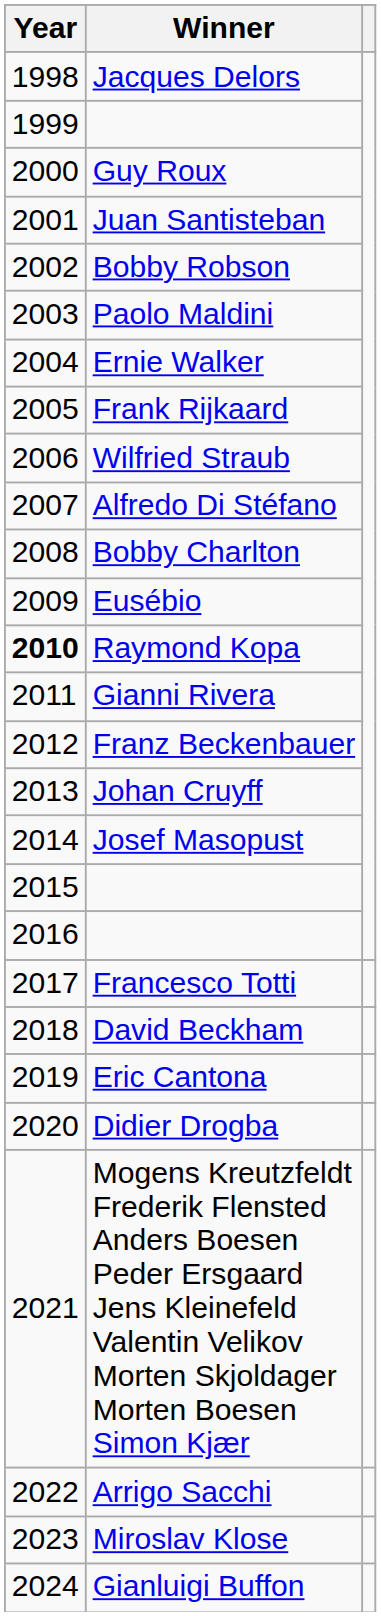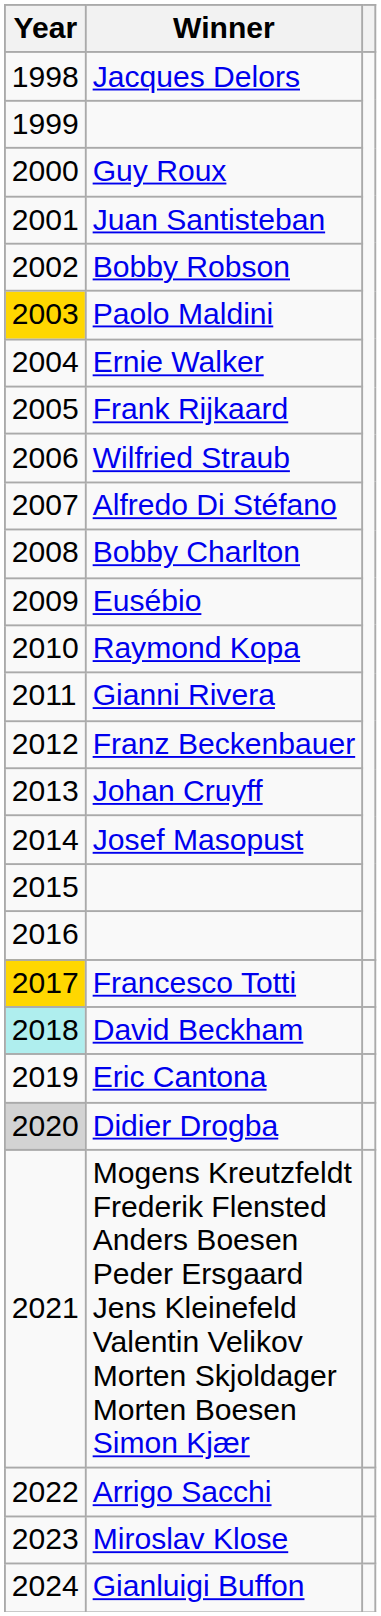 <table class="wikitable">
 <tr>
 <th>Year</th>
 <th>Winner</th>
 <th></th>
 </tr>
 <tr>
 <td>1998</td>
 <td> <a href='#'>Jacques Delors</a></td>
 <td rowspan="19"></td>
 </tr>
 <tr>
 <td>1999</td>
 <td></td>
 </tr>
 <tr>
 <td>2000</td>
 <td> <a href='#'>Guy Roux</a></td>
 </tr>
 <tr>
 <td>2001</td>
 <td> <a href='#'>Juan Santisteban</a></td>
 </tr>
 <tr>
 <td>2002</td>
 <td> <a href='#'>Bobby Robson</a></td>
 </tr>
 <tr>
-<td>2003</td>
+<td style="background: gold;">2003</td>
 <td> <a href='#'>Paolo Maldini</a></td>
 </tr>
 <tr>
 <td>2004</td>
 <td> <a href='#'>Ernie Walker</a></td>
 </tr>
 <tr>
 <td>2005</td>
 <td> <a href='#'>Frank Rijkaard</a></td>
 </tr>
 <tr>
 <td>2006</td>
 <td> <a href='#'>Wilfried Straub</a></td>
 </tr>
 <tr>
 <td>2007</td>
 <td> <a href='#'>Alfredo Di Stéfano</a></td>
 </tr>
 <tr>
 <td>2008</td>
 <td> <a href='#'>Bobby Charlton</a></td>
 </tr>
 <tr>
 <td>2009</td>
 <td> <a href='#'>Eusébio</a></td>
 </tr>
 <tr>
-<td><strong>2010</strong></td>
+<td>2010</td>
 <td> <a href='#'>Raymond Kopa</a></td>
 </tr>
 <tr>
 <td>2011</td>
 <td> <a href='#'>Gianni Rivera</a></td>
 </tr>
 <tr>
 <td>2012</td>
 <td> <a href='#'>Franz Beckenbauer</a></td>
 </tr>
 <tr>
 <td>2013</td>
 <td> <a href='#'>Johan Cruyff</a></td>
 </tr>
 <tr>
 <td>2014</td>
 <td> <a href='#'>Josef Masopust</a></td>
 </tr>
 <tr>
 <td>2015</td>
 <td></td>
 </tr>
 <tr>
 <td>2016</td>
 <td></td>
 </tr>
 <tr>
-<td>2017</td>
+<td style="background: gold;">2017</td>
 <td> <a href='#'>Francesco Totti</a></td>
 <td></td>
 </tr>
 <tr>
-<td>2018</td>
+<td style="background: paleturquoise;">2018</td>
 <td> <a href='#'>David Beckham</a></td>
 <td></td>
 </tr>
 <tr>
 <td>2019</td>
 <td> <a href='#'>Eric Cantona</a></td>
 <td></td>
 </tr>
 <tr>
-<td>2020</td>
+<td style="background: lightgrey;">2020</td>
 <td> <a href='#'>Didier Drogba</a></td>
 <td></td>
 </tr>
 <tr>
 <td>2021</td>
 <td> Mogens Kreutzfeldt <br>  Frederik Flensted <br>  Anders Boesen <br>  Peder Ersgaard <br>  Jens Kleinefeld <br>  Valentin Velikov <br>  Morten Skjoldager <br>  Morten Boesen <br>  <a href='#'>Simon Kjær</a></td>
 <td></td>
 </tr>
 <tr>
 <td>2022</td>
 <td> <a href='#'>Arrigo Sacchi</a></td>
 <td></td>
 </tr>
 <tr>
 <td>2023</td>
 <td> <a href='#'>Miroslav Klose</a></td>
 <td></td>
 </tr>
 <tr>
 <td>2024</td>
 <td> <a href='#'>Gianluigi Buffon</a></td>
 <td></td>
 </tr>
 </table>
